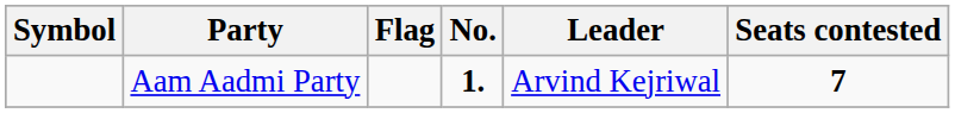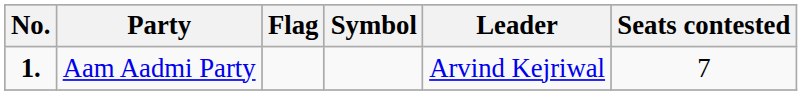 <table class="wikitable">
 <tr>
-<th>Symbol</th>
+<th>No.</th>
 <th>Party</th>
 <th>Flag</th>
-<th>No.</th>
+<th>Symbol</th>
 <th>Leader</th>
 <th>Seats contested</th>
 </tr>
 <tr>
-<td></td>
+<td ! style="text-align:center; background:"><strong>1.</strong></td>
 <td style="text-align:center"><a href='#'>Aam Aadmi Party</a></td>
 <td></td>
-<td ! style="text-align:center; background:"><strong>1.</strong></td>
+<td></td>
 <td style="text-align:center"><a href='#'>Arvind Kejriwal</a></td>
-<td style="text-align:center"><strong>7</strong></td>
+<td style="text-align:center">7</td>
 </tr>
 </table>
